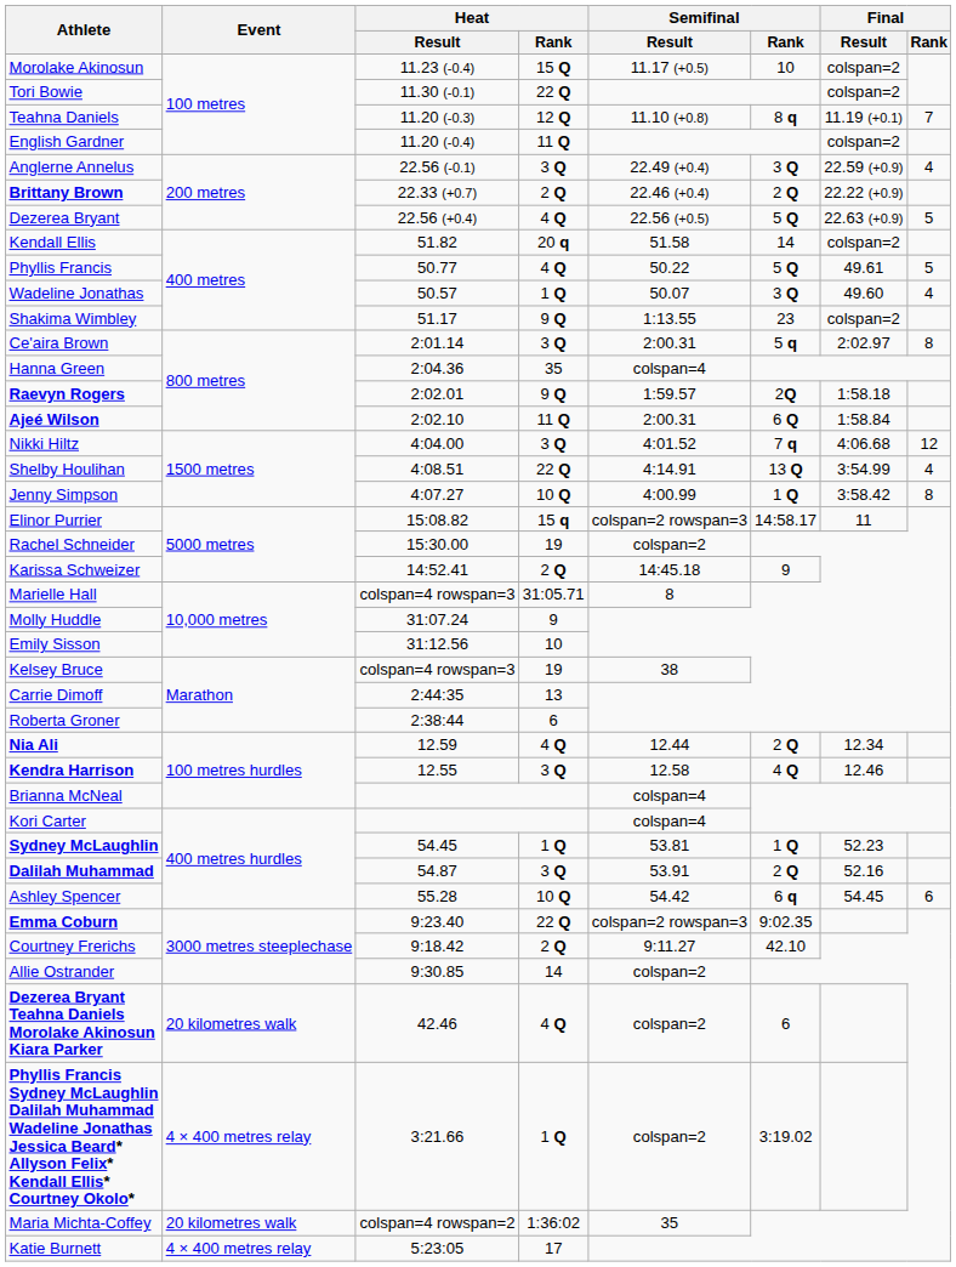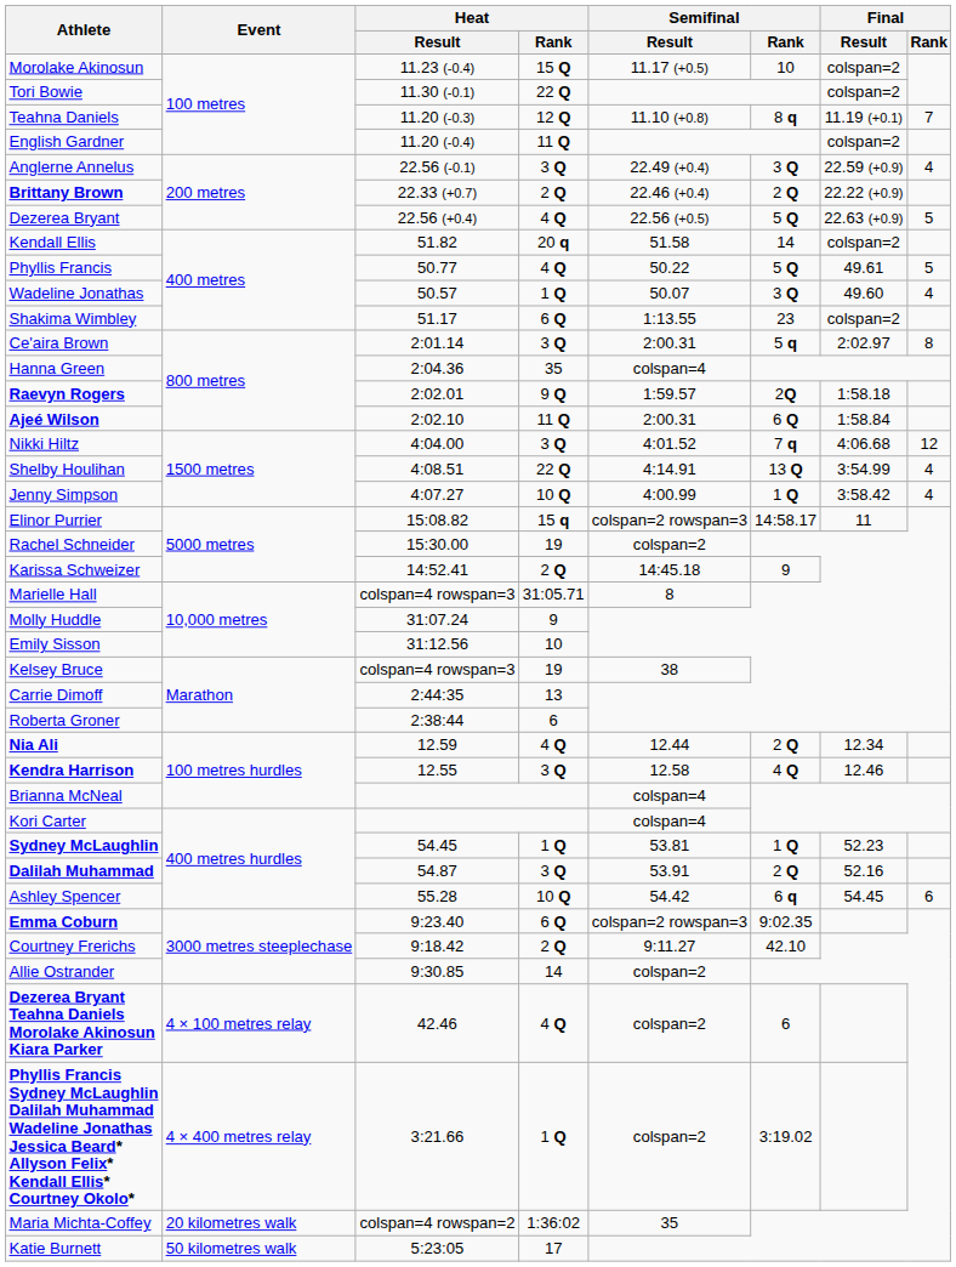 <table class=wikitable style=font-size:90%>
 <tr>
 <th rowspan=2>Athlete</th>
 <th rowspan=2>Event</th>
 <th colspan=2>Heat</th>
 <th colspan=2>Semifinal</th>
 <th colspan=2>Final</th>
 </tr>
 <tr style=font-size:95%>
 <th>Result</th>
 <th>Rank</th>
 <th>Result</th>
 <th>Rank</th>
 <th>Result</th>
 <th>Rank</th>
 </tr>
 <tr align=center>
 <td align=left><a href='#'>Morolake Akinosun</a></td>
 <td align=left rowspan=4><a href='#'>100 metres</a></td>
 <td>11.23 <small>(-0.4)</small></td>
 <td>15 <strong>Q</strong></td>
 <td>11.17 <small>(+0.5)</small></td>
 <td>10</td>
 <td>colspan=2 </td>
 </tr>
 <tr align=center>
 <td align=left><a href='#'>Tori Bowie</a></td>
 <td>11.30 <small>(-0.1)</small></td>
 <td>22 <strong>Q</strong></td>
 <td colspan=2></td>
 <td>colspan=2 </td>
 </tr>
 <tr align=center>
 <td align=left><a href='#'>Teahna Daniels</a></td>
 <td>11.20 <small>(-0.3)</small></td>
 <td>12 <strong>Q</strong></td>
 <td>11.10 <small>(+0.8)</small></td>
 <td>8 <strong>q</strong></td>
 <td>11.19 <small>(+0.1)</small></td>
 <td>7</td>
 </tr>
 <tr align=center>
 <td align=left><a href='#'>English Gardner</a></td>
 <td>11.20 <small>(-0.4)</small></td>
 <td>11 <strong>Q</strong></td>
 <td colspan=2></td>
 <td>colspan=2 </td>
 </tr>
 <tr align=center>
 <td align=left><a href='#'>Anglerne Annelus</a></td>
 <td align=left rowspan=3><a href='#'>200 metres</a></td>
 <td>22.56 <small>(-0.1)</small></td>
 <td>3 <strong>Q</strong></td>
 <td>22.49 <small>(+0.4)</small></td>
 <td>3 <strong>Q</strong></td>
 <td>22.59 <small>(+0.9)</small></td>
 <td>4</td>
 </tr>
 <tr align=center>
 <td align=left><strong><a href='#'>Brittany Brown</a></strong></td>
 <td>22.33 <small>(+0.7)</small></td>
 <td>2 <strong>Q</strong></td>
 <td>22.46 <small>(+0.4)</small></td>
 <td>2 <strong>Q</strong></td>
 <td>22.22 <small>(+0.9)</small></td>
 <td></td>
 </tr>
 <tr align=center>
 <td align=left><a href='#'>Dezerea Bryant</a></td>
 <td>22.56 <small>(+0.4)</small></td>
 <td>4 <strong>Q</strong></td>
 <td>22.56 <small>(+0.5)</small></td>
 <td>5 <strong>Q</strong></td>
 <td>22.63 <small>(+0.9)</small></td>
 <td>5</td>
 </tr>
 <tr align=center>
 <td align=left><a href='#'>Kendall Ellis</a></td>
 <td align=left rowspan=4><a href='#'>400 metres</a></td>
 <td>51.82</td>
 <td>20 <strong>q</strong></td>
 <td>51.58</td>
 <td>14</td>
 <td>colspan=2 </td>
 </tr>
 <tr align=center>
 <td align=left><a href='#'>Phyllis Francis</a></td>
 <td>50.77</td>
 <td>4 <strong>Q</strong></td>
 <td>50.22</td>
 <td>5 <strong>Q</strong></td>
 <td>49.61</td>
 <td>5</td>
 </tr>
 <tr align=center>
 <td align=left><a href='#'>Wadeline Jonathas</a></td>
 <td>50.57</td>
 <td>1 <strong>Q</strong></td>
 <td>50.07</td>
 <td>3 <strong>Q</strong></td>
 <td>49.60</td>
 <td>4</td>
 </tr>
 <tr align=center>
 <td align=left><a href='#'>Shakima Wimbley</a></td>
 <td>51.17</td>
-<td>9 <strong>Q</strong></td>
+<td>6 <strong>Q</strong></td>
 <td>1:13.55</td>
 <td>23</td>
 <td>colspan=2 </td>
 </tr>
 <tr align=center>
 <td align=left><a href='#'>Ce'aira Brown</a></td>
 <td align=left rowspan=4><a href='#'>800 metres</a></td>
 <td>2:01.14</td>
 <td>3 <strong>Q</strong></td>
 <td>2:00.31</td>
 <td>5 <strong>q</strong></td>
 <td>2:02.97</td>
 <td>8</td>
 </tr>
 <tr align=center>
 <td align=left><a href='#'>Hanna Green</a></td>
 <td>2:04.36</td>
 <td>35</td>
 <td>colspan=4 </td>
 </tr>
 <tr align=center>
 <td align=left><strong><a href='#'>Raevyn Rogers</a></strong></td>
 <td>2:02.01</td>
 <td>9 <strong>Q</strong></td>
 <td>1:59.57</td>
 <td>2<strong>Q</strong></td>
 <td>1:58.18</td>
 <td></td>
 </tr>
 <tr align=center>
 <td align=left><strong><a href='#'>Ajeé Wilson</a></strong></td>
 <td>2:02.10</td>
 <td>11 <strong>Q</strong></td>
 <td>2:00.31</td>
 <td>6 <strong>Q</strong></td>
 <td>1:58.84</td>
 <td></td>
 </tr>
 <tr align=center>
 <td align=left><a href='#'>Nikki Hiltz</a></td>
 <td align=left rowspan=3><a href='#'>1500 metres</a></td>
 <td>4:04.00</td>
 <td>3 <strong>Q</strong></td>
 <td>4:01.52</td>
 <td>7 <strong>q</strong></td>
 <td>4:06.68</td>
 <td>12</td>
 </tr>
 <tr align=center>
 <td align=left><a href='#'>Shelby Houlihan</a></td>
 <td>4:08.51</td>
 <td>22 <strong>Q</strong></td>
 <td>4:14.91</td>
 <td>13 <strong>Q</strong></td>
 <td>3:54.99 <strong></strong></td>
 <td>4</td>
 </tr>
 <tr align=center>
 <td align=left><a href='#'>Jenny Simpson</a></td>
 <td>4:07.27</td>
 <td>10 <strong>Q</strong></td>
 <td>4:00.99</td>
 <td>1 <strong>Q</strong></td>
 <td>3:58.42 </td>
-<td>8</td>
+<td>4</td>
 </tr>
 <tr align=center>
 <td align=left><a href='#'>Elinor Purrier</a></td>
 <td align=left rowspan=3><a href='#'>5000 metres</a></td>
 <td>15:08.82</td>
 <td>15 <strong>q</strong></td>
 <td>colspan=2 rowspan=3 </td>
 <td>14:58.17 </td>
 <td>11</td>
 </tr>
 <tr align=center>
 <td align=left><a href='#'>Rachel Schneider</a></td>
 <td>15:30.00</td>
 <td>19</td>
 <td>colspan=2 </td>
 </tr>
 <tr align=center>
 <td align=left><a href='#'>Karissa Schweizer</a></td>
 <td>14:52.41</td>
 <td>2 <strong>Q</strong></td>
 <td>14:45.18 </td>
 <td>9</td>
 </tr>
 <tr align=center>
 <td align=left><a href='#'>Marielle Hall</a></td>
 <td align=left rowspan=3><a href='#'>10,000 metres</a></td>
 <td>colspan=4 rowspan=3 </td>
 <td>31:05.71 </td>
 <td>8</td>
 </tr>
 <tr align=center>
 <td align=left><a href='#'>Molly Huddle</a></td>
 <td>31:07.24</td>
 <td>9</td>
 </tr>
 <tr align=center>
 <td align=left><a href='#'>Emily Sisson</a></td>
 <td>31:12.56</td>
 <td>10</td>
 </tr>
 <tr align=center>
 <td align=left><a href='#'>Kelsey Bruce</a></td>
 <td align=left rowspan=3><a href='#'>Marathon</a></td>
 <td>colspan=4 rowspan=3 </td>
 <td>19</td>
 <td>38</td>
 </tr>
 <tr align=center>
 <td align=left><a href='#'>Carrie Dimoff</a></td>
 <td>2:44:35</td>
 <td>13</td>
 </tr>
 <tr align=center>
 <td align=left><a href='#'>Roberta Groner</a></td>
 <td>2:38:44</td>
 <td>6</td>
 </tr>
 <tr align=center>
 <td align=left><strong><a href='#'>Nia Ali</a></strong></td>
 <td align=left rowspan=3><a href='#'>100 metres hurdles</a></td>
 <td>12.59</td>
 <td>4 <strong>Q</strong></td>
 <td>12.44 </td>
 <td>2 <strong>Q</strong></td>
 <td>12.34 </td>
 <td></td>
 </tr>
 <tr align=center>
 <td align=left><strong><a href='#'>Kendra Harrison</a></strong></td>
 <td>12.55</td>
 <td>3 <strong>Q</strong></td>
 <td>12.58</td>
 <td>4 <strong>Q</strong></td>
 <td>12.46</td>
 <td></td>
 </tr>
 <tr align=center>
 <td align=left><a href='#'>Brianna McNeal</a></td>
 <td colspan=2></td>
 <td>colspan=4 </td>
 </tr>
 <tr align=center>
 <td align=left><a href='#'>Kori Carter</a></td>
 <td align=left rowspan=4><a href='#'>400 metres hurdles</a></td>
 <td colspan=2></td>
 <td>colspan=4 </td>
 </tr>
 <tr align=center>
 <td align=left><strong><a href='#'>Sydney McLaughlin</a></strong></td>
 <td>54.45</td>
 <td>1 <strong>Q</strong></td>
 <td>53.81</td>
 <td>1 <strong>Q</strong></td>
 <td>52.23</td>
 <td></td>
 </tr>
 <tr align=center>
 <td align=left><strong><a href='#'>Dalilah Muhammad</a></strong></td>
 <td>54.87</td>
 <td>3 <strong>Q</strong></td>
 <td>53.91</td>
 <td>2 <strong>Q</strong></td>
 <td>52.16 <strong></strong></td>
 <td></td>
 </tr>
 <tr align=center>
 <td align=left><a href='#'>Ashley Spencer</a></td>
 <td>55.28</td>
 <td>10 <strong>Q</strong></td>
 <td>54.42</td>
 <td>6 <strong>q</strong></td>
 <td>54.45</td>
 <td>6</td>
 </tr>
 <tr align=center>
 <td align=left><strong><a href='#'>Emma Coburn</a></strong></td>
 <td align=left rowspan=3><a href='#'>3000 metres steeplechase</a></td>
 <td>9:23.40</td>
-<td>22 <strong>Q</strong></td>
+<td>6 <strong>Q</strong></td>
 <td>colspan=2 rowspan=3 </td>
 <td>9:02.35</td>
 <td></td>
 </tr>
 <tr align=center>
 <td align=left><a href='#'>Courtney Frerichs</a></td>
 <td>9:18.42</td>
 <td>2 <strong>Q</strong></td>
 <td>9:11.27</td>
 <td>42.10</td>
 </tr>
 <tr align=center>
 <td align=left><a href='#'>Allie Ostrander</a></td>
 <td>9:30.85 </td>
 <td>14</td>
 <td>colspan=2 </td>
 </tr>
 <tr align=center>
 <td align=left><strong><a href='#'>Dezerea Bryant</a><br><a href='#'>Teahna Daniels</a><br><a href='#'>Morolake Akinosun</a><br><a href='#'>Kiara Parker</a></strong></td>
-<td align=left><a href='#'>20 kilometres walk</a></td>
+<td align=left><a href='#'>4 × 100 metres relay</a></td>
 <td>42.46</td>
 <td>4 <strong>Q</strong></td>
 <td>colspan=2 </td>
 <td>6</td>
 <td></td>
 </tr>
 <tr align=center>
 <td align=left><strong><a href='#'>Phyllis Francis</a><br><a href='#'>Sydney McLaughlin</a><br><a href='#'>Dalilah Muhammad</a><br><a href='#'>Wadeline Jonathas</a><br><a href='#'>Jessica Beard</a>*<br><a href='#'>Allyson Felix</a>*<br><a href='#'>Kendall Ellis</a>*<br><a href='#'>Courtney Okolo</a>*</strong></td>
 <td align=left><a href='#'>4 × 400 metres relay</a></td>
 <td>3:21.66</td>
 <td>1 <strong>Q</strong></td>
 <td>colspan=2 </td>
 <td>3:19.02 <strong></strong></td>
 <td></td>
 </tr>
 <tr align=center>
 <td align=left><a href='#'>Maria Michta-Coffey</a></td>
 <td align=left><a href='#'>20 kilometres walk</a></td>
 <td>colspan=4 rowspan=2 </td>
 <td>1:36:02 <strong></strong></td>
 <td>35</td>
 </tr>
 <tr align=center>
 <td align=left><a href='#'>Katie Burnett</a></td>
-<td align=left><a href='#'>4 × 400 metres relay</a></td>
+<td align=left><a href='#'>50 kilometres walk</a></td>
 <td>5:23:05</td>
 <td>17</td>
 </tr>
 </table>
